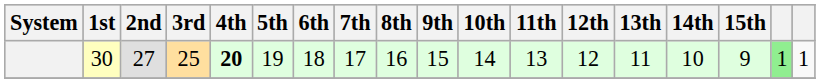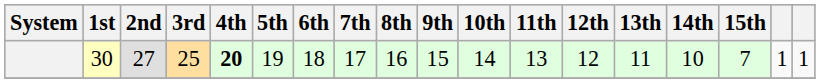 <table class="wikitable" style="font-size:85%; text-align:center;">
 <tr>
 <th>System</th>
 <th>1st</th>
 <th>2nd</th>
 <th>3rd</th>
 <th>4th</th>
 <th>5th</th>
 <th>6th</th>
 <th>7th</th>
 <th>8th</th>
 <th>9th</th>
 <th>10th</th>
 <th>11th</th>
 <th>12th</th>
 <th>13th</th>
 <th>14th</th>
 <th>15th</th>
 <th></th>
 <th></th>
 </tr>
 <tr>
 <th></th>
 <td style="background:#ffffbf;">30</td>
 <td style="background:#dfdfdf;">27</td>
 <td style="background:#ffdf9f;">25</td>
 <td style="background:#dfffdf;"><strong>20</strong></td>
 <td style="background:#dfffdf;">19</td>
 <td style="background:#dfffdf;">18</td>
 <td style="background:#dfffdf;">17</td>
 <td style="background:#dfffdf;">16</td>
 <td style="background:#dfffdf;">15</td>
 <td style="background:#dfffdf;">14</td>
 <td style="background:#dfffdf;">13</td>
 <td style="background:#dfffdf;">12</td>
 <td style="background:#dfffdf;">11</td>
 <td style="background:#dfffdf;">10</td>
-<td style="background:#dfffdf;">9</td>
-<td style="background: lightgreen;">1</td>
+<td style="background:#dfffdf;">7</td>
+<td>1</td>
 <td>1</td>
 </tr>
 <tr>
 </tr>
 </table>
